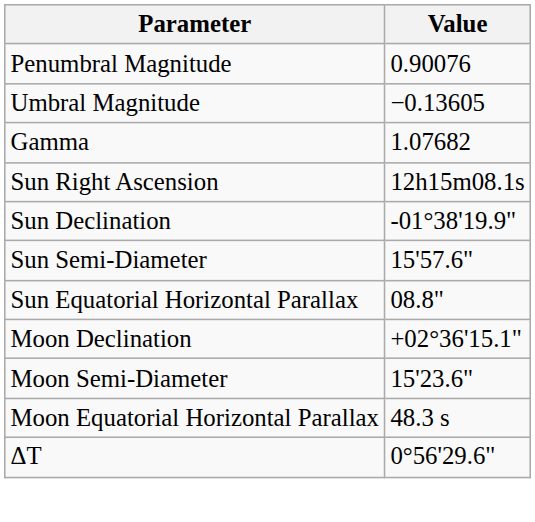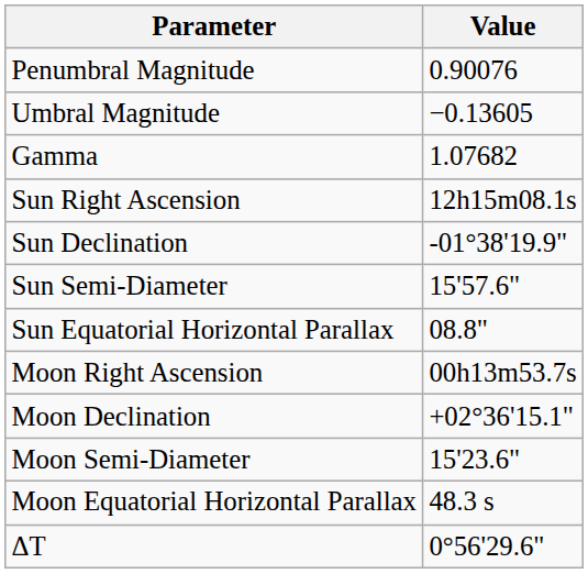 <table class="wikitable">
 <tr>
 <th>Parameter</th>
 <th>Value</th>
 </tr>
 <tr>
 <td>Penumbral Magnitude</td>
 <td>0.90076</td>
 </tr>
 <tr>
 <td>Umbral Magnitude</td>
 <td>−0.13605</td>
 </tr>
 <tr>
 <td>Gamma</td>
 <td>1.07682</td>
 </tr>
 <tr>
 <td>Sun Right Ascension</td>
 <td>12h15m08.1s</td>
 </tr>
 <tr>
 <td>Sun Declination</td>
 <td>-01°38'19.9"</td>
 </tr>
 <tr>
 <td>Sun Semi-Diameter</td>
 <td>15'57.6"</td>
 </tr>
 <tr>
 <td>Sun Equatorial Horizontal Parallax</td>
 <td>08.8"</td>
 </tr>
 <tr>
+<td>Moon Right Ascension</td>
+<td>00h13m53.7s</td>
+</tr>
+<tr>
 <td>Moon Declination</td>
 <td>+02°36'15.1"</td>
 </tr>
 <tr>
 <td>Moon Semi-Diameter</td>
 <td>15'23.6"</td>
 </tr>
 <tr>
 <td>Moon Equatorial Horizontal Parallax</td>
 <td>48.3 s</td>
 </tr>
 <tr>
 <td>ΔT</td>
 <td>0°56'29.6"</td>
 </tr>
 </table>
